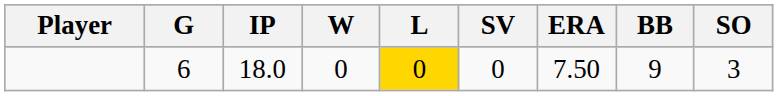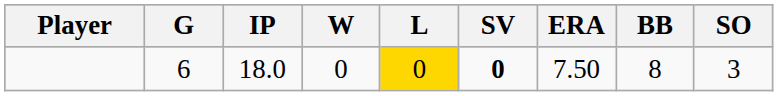 <table class="wikitable sortable">
 <tr>
 <th bgcolor="#DDDDFF" width="16%">Player</th>
 <th bgcolor="#DDDDFF" width="9%">G</th>
 <th bgcolor="#DDDDFF" width="9%">IP</th>
 <th bgcolor="#DDDDFF" width="9%">W</th>
 <th bgcolor="#DDDDFF" width="9%">L</th>
 <th bgcolor="#DDDDFF" width="9%">SV</th>
 <th bgcolor="#DDDDFF" width="9%">ERA</th>
 <th bgcolor="#DDDDFF" width="9%">BB</th>
 <th bgcolor="#DDDDFF" width="9%">SO</th>
 </tr>
 <tr align="center">
 <td></td>
 <td>6</td>
 <td>18.0</td>
 <td>0</td>
 <td style="background: gold;">0</td>
-<td>0</td>
+<td><strong>0</strong></td>
 <td>7.50</td>
-<td>9</td>
+<td>8</td>
 <td>3</td>
 </tr>
 </table>
